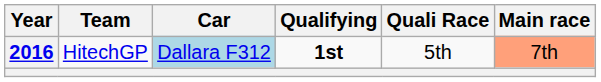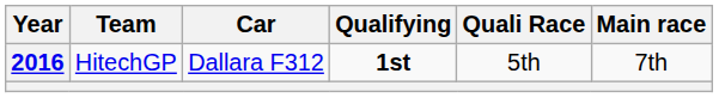 <table class="wikitable" style="text-align:center; font-size:90%">
 <tr>
 <th>Year</th>
 <th>Team</th>
 <th>Car</th>
 <th>Qualifying</th>
 <th>Quali Race</th>
 <th>Main race</th>
 </tr>
 <tr>
 <th><a href='#'>2016</a></th>
 <td align="left"> <a href='#'>HitechGP</a></td>
-<td align="left" style="background: lightblue;"><a href='#'>Dallara F312</a></td>
+<td align="left"><a href='#'>Dallara F312</a></td>
 <td><strong>1st</strong></td>
 <td>5th</td>
-<td style="background: lightsalmon;">7th</td>
+<td>7th</td>
 </tr>
 <tr>
 <th colspan="6"></th>
 </tr>
 </table>
